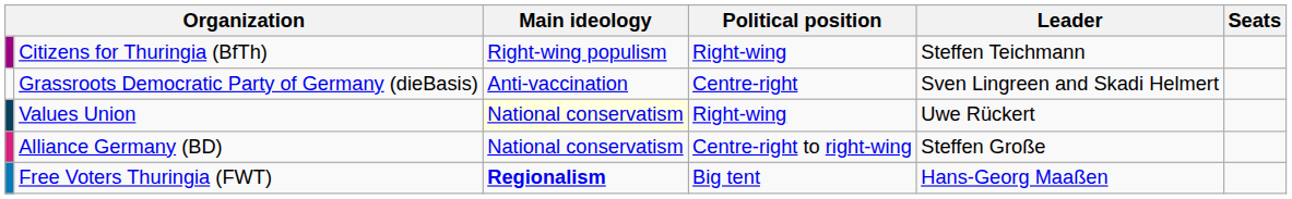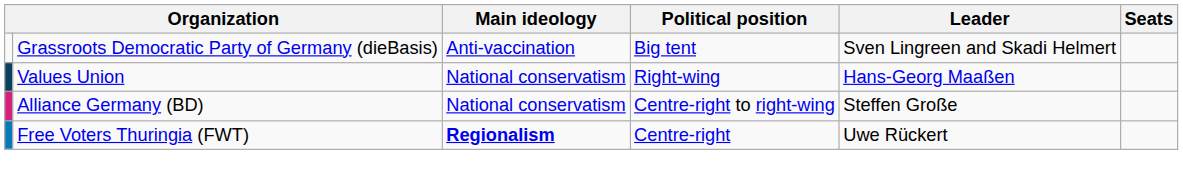 <table class="wikitable">
 <tr>
 <th colspan=2>Organization</th>
 <th>Main ideology</th>
 <th>Political position</th>
 <th>Leader</th>
 <th>Seats</th>
 </tr>
 <tr>
-<td style="background:#9d0082;"></td>
-<td><a href='#'>Citizens for Thuringia</a> (BfTh)</td>
-<td><a href='#'>Right-wing populism</a></td>
-<td><a href='#'>Right-wing</a></td>
-<td>Steffen Teichmann</td>
-<td></td>
-</tr>
-<tr>
 <td style="background:"></td>
 <td><a href='#'>Grassroots Democratic Party of Germany</a> (dieBasis)</td>
 <td><a href='#'>Anti-vaccination</a></td>
-<td><a href='#'>Centre-right</a></td>
+<td><a href='#'>Big tent</a></td>
 <td>Sven Lingreen and Skadi Helmert</td>
 <td></td>
 </tr>
 <tr>
 <td style="background:#09405f;"></td>
 <td><a href='#'>Values Union</a></td>
-<td style="background: lightyellow;"><a href='#'>National conservatism</a></td>
+<td><a href='#'>National conservatism</a></td>
 <td><a href='#'>Right-wing</a></td>
-<td>Uwe Rückert</td>
+<td><a href='#'>Hans-Georg Maaßen</a></td>
 <td></td>
 </tr>
 <tr>
 <td style="background:#D91F7C;"></td>
 <td><a href='#'>Alliance Germany</a> (BD)</td>
 <td><a href='#'>National conservatism</a></td>
 <td><a href='#'>Centre-right</a> to <a href='#'>right-wing</a></td>
 <td>Steffen Große</td>
 <td></td>
 </tr>
 <tr>
 <td style="background:#0779b8;"></td>
 <td><a href='#'>Free Voters Thuringia</a> (FWT)</td>
 <td><strong><a href='#'>Regionalism</a></strong></td>
-<td><a href='#'>Big tent</a></td>
-<td><a href='#'>Hans-Georg Maaßen</a></td>
+<td><a href='#'>Centre-right</a></td>
+<td>Uwe Rückert</td>
 <td></td>
 </tr>
 </table>
